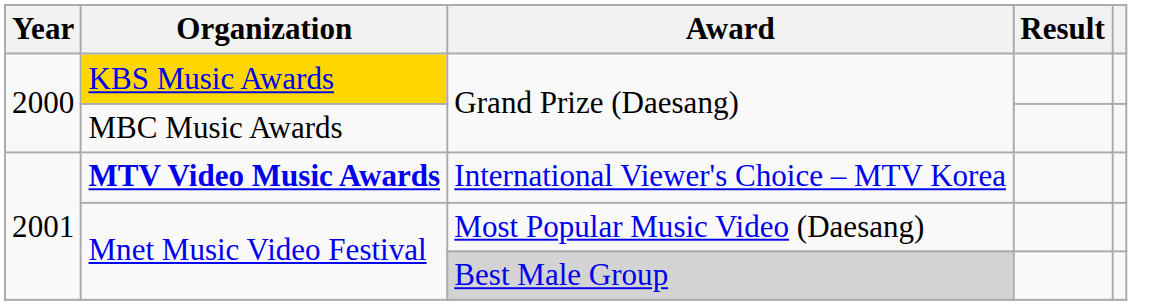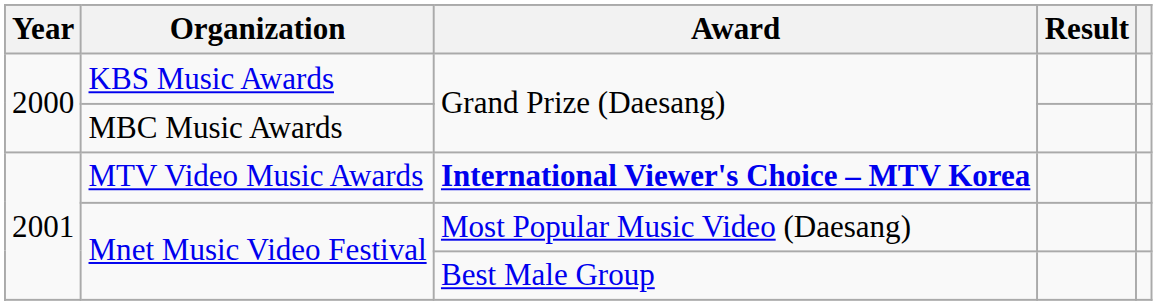 <table class="wikitable plainrowheaders">
 <tr>
 <th scope="col">Year</th>
 <th scope="col">Organization</th>
 <th scope="col">Award</th>
 <th scope="col">Result</th>
 <th></th>
 </tr>
 <tr>
 <td rowspan="2">2000</td>
-<td style="background: gold;"><a href='#'>KBS Music Awards</a></td>
+<td><a href='#'>KBS Music Awards</a></td>
 <td rowspan="2">Grand Prize (Daesang)</td>
 <td></td>
 <td align="center"></td>
 </tr>
 <tr>
 <td>MBC Music Awards</td>
 <td></td>
 <td></td>
 </tr>
 <tr>
 <td rowspan="3">2001</td>
-<td><strong><a href='#'>MTV Video Music Awards</a></strong></td>
-<td><a href='#'>International Viewer's Choice – MTV Korea</a></td>
+<td><a href='#'>MTV Video Music Awards</a></td>
+<td><strong><a href='#'>International Viewer's Choice – MTV Korea</a></strong></td>
 <td></td>
 <td align="center"></td>
 </tr>
 <tr>
 <td rowspan="2"><a href='#'>Mnet Music Video Festival</a></td>
 <td><a href='#'>Most Popular Music Video</a> (Daesang)</td>
 <td></td>
 <td align="center"></td>
 </tr>
 <tr>
-<td style="background: lightgrey;"><a href='#'>Best Male Group</a></td>
+<td><a href='#'>Best Male Group</a></td>
 <td></td>
 <td></td>
 </tr>
 </table>
